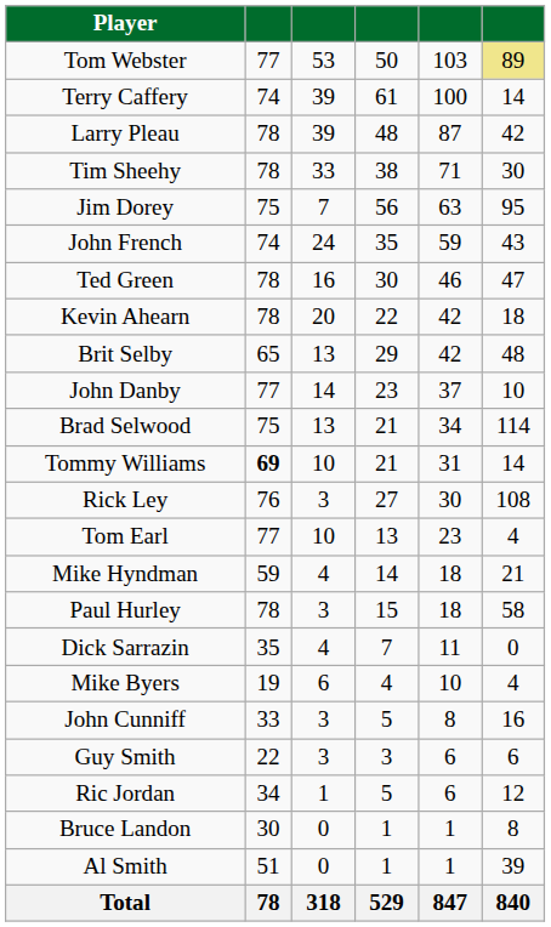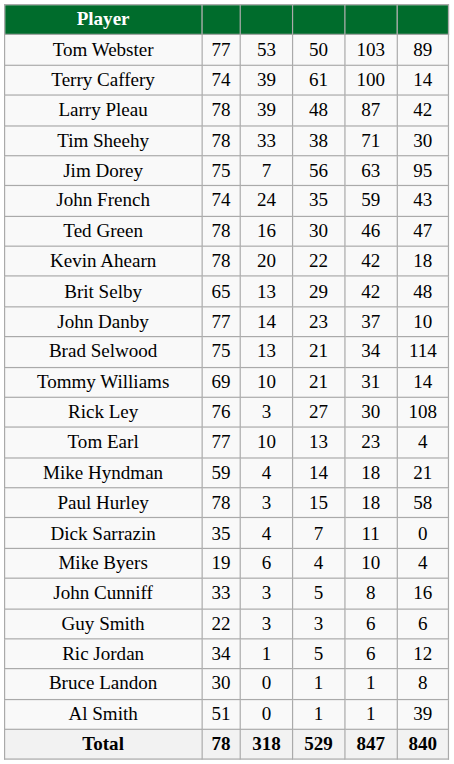 <table class="wikitable sortable" style="width:60%; text-align:center;">
 <tr align=center>
 <th style="color:white; background:#006C2C; ">Player</th>
 <th style="color:white; background:#006C2C; "></th>
 <th style="color:white; background:#006C2C; "></th>
 <th style="color:white; background:#006C2C; "></th>
 <th style="color:white; background:#006C2C; "></th>
 <th style="color:white; background:#006C2C; "></th>
 </tr>
 <tr>
 <td>Tom Webster</td>
 <td>77</td>
 <td>53</td>
 <td>50</td>
 <td>103</td>
-<td style="background: khaki;">89</td>
+<td>89</td>
 </tr>
 <tr align="center">
 <td>Terry Caffery</td>
 <td>74</td>
 <td>39</td>
 <td>61</td>
 <td>100</td>
 <td>14</td>
 </tr>
 <tr align="center">
 <td>Larry Pleau</td>
 <td>78</td>
 <td>39</td>
 <td>48</td>
 <td>87</td>
 <td>42</td>
 </tr>
 <tr align="center">
 <td>Tim Sheehy</td>
 <td>78</td>
 <td>33</td>
 <td>38</td>
 <td>71</td>
 <td>30</td>
 </tr>
 <tr align="center">
 <td>Jim Dorey</td>
 <td>75</td>
 <td>7</td>
 <td>56</td>
 <td>63</td>
 <td>95</td>
 </tr>
 <tr align="center">
 <td>John French</td>
 <td>74</td>
 <td>24</td>
 <td>35</td>
 <td>59</td>
 <td>43</td>
 </tr>
 <tr align="center">
 <td>Ted Green</td>
 <td>78</td>
 <td>16</td>
 <td>30</td>
 <td>46</td>
 <td>47</td>
 </tr>
 <tr align="center">
 <td>Kevin Ahearn</td>
 <td>78</td>
 <td>20</td>
 <td>22</td>
 <td>42</td>
 <td>18</td>
 </tr>
 <tr align="center">
 <td>Brit Selby</td>
 <td>65</td>
 <td>13</td>
 <td>29</td>
 <td>42</td>
 <td>48</td>
 </tr>
 <tr align="center">
 <td>John Danby</td>
 <td>77</td>
 <td>14</td>
 <td>23</td>
 <td>37</td>
 <td>10</td>
 </tr>
 <tr align="center">
 <td>Brad Selwood</td>
 <td>75</td>
 <td>13</td>
 <td>21</td>
 <td>34</td>
 <td>114</td>
 </tr>
 <tr align="center">
 <td>Tommy Williams</td>
-<td><strong>69</strong></td>
+<td>69</td>
 <td>10</td>
 <td>21</td>
 <td>31</td>
 <td>14</td>
 </tr>
 <tr align="center">
 <td>Rick Ley</td>
 <td>76</td>
 <td>3</td>
 <td>27</td>
 <td>30</td>
 <td>108</td>
 </tr>
 <tr align="center">
 <td>Tom Earl</td>
 <td>77</td>
 <td>10</td>
 <td>13</td>
 <td>23</td>
 <td>4</td>
 </tr>
 <tr align="center">
 <td>Mike Hyndman</td>
 <td>59</td>
 <td>4</td>
 <td>14</td>
 <td>18</td>
 <td>21</td>
 </tr>
 <tr align="center">
 <td>Paul Hurley</td>
 <td>78</td>
 <td>3</td>
 <td>15</td>
 <td>18</td>
 <td>58</td>
 </tr>
 <tr align="center">
 <td>Dick Sarrazin</td>
 <td>35</td>
 <td>4</td>
 <td>7</td>
 <td>11</td>
 <td>0</td>
 </tr>
 <tr align="center">
 <td>Mike Byers</td>
 <td>19</td>
 <td>6</td>
 <td>4</td>
 <td>10</td>
 <td>4</td>
 </tr>
 <tr align="center">
 <td>John Cunniff</td>
 <td>33</td>
 <td>3</td>
 <td>5</td>
 <td>8</td>
 <td>16</td>
 </tr>
 <tr align="center">
 <td>Guy Smith</td>
 <td>22</td>
 <td>3</td>
 <td>3</td>
 <td>6</td>
 <td>6</td>
 </tr>
 <tr align="center">
 <td>Ric Jordan</td>
 <td>34</td>
 <td>1</td>
 <td>5</td>
 <td>6</td>
 <td>12</td>
 </tr>
 <tr align="center">
 <td>Bruce Landon</td>
 <td>30</td>
 <td>0</td>
 <td>1</td>
 <td>1</td>
 <td>8</td>
 </tr>
 <tr align="center">
 <td>Al Smith</td>
 <td>51</td>
 <td>0</td>
 <td>1</td>
 <td>1</td>
 <td>39</td>
 </tr>
 <tr class="sortbottom">
 <th colspan=1>Total</th>
 <th>78</th>
 <th>318</th>
 <th>529</th>
 <th>847</th>
 <th>840</th>
 </tr>
 </table>
